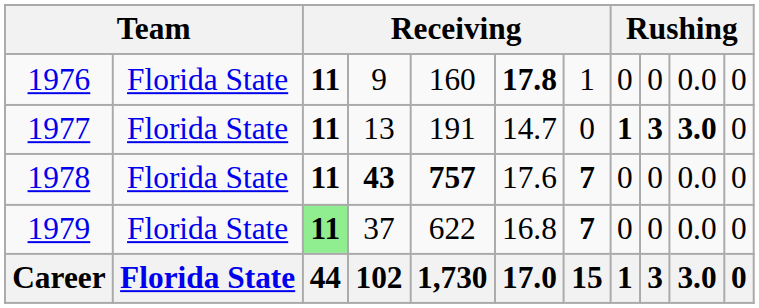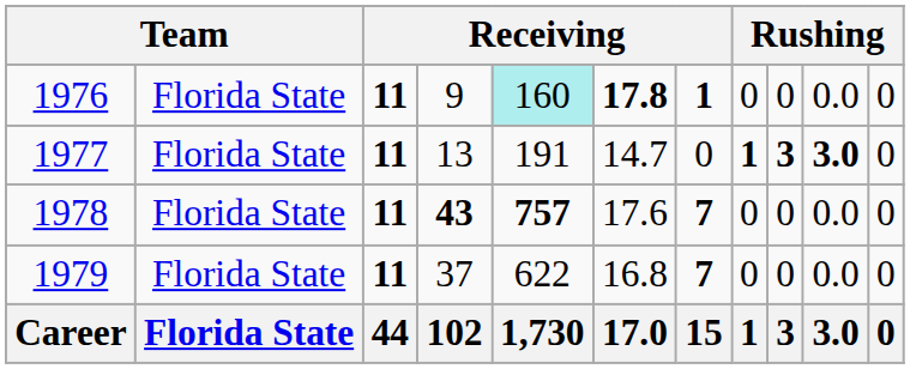 <table class="wikitable" style="text-align:center;">
 <tr>
 </tr>
 <tr>
 <th colspan=2>Team</th>
 <th colspan=5>Receiving</th>
 <th colspan=5>Rushing</th>
 </tr>
 <tr>
 <td><a href='#'>1976</a></td>
 <td><a href='#'>Florida State</a></td>
 <td><strong>11</strong></td>
 <td>9</td>
-<td>160</td>
+<td style="background: paleturquoise;">160</td>
 <td><strong>17.8</strong></td>
-<td>1</td>
+<td><strong>1</strong></td>
 <td>0</td>
 <td>0</td>
 <td>0.0</td>
 <td>0</td>
 </tr>
 <tr>
 <td><a href='#'>1977</a></td>
 <td><a href='#'>Florida State</a></td>
 <td><strong>11</strong></td>
 <td>13</td>
 <td>191</td>
 <td>14.7</td>
 <td>0</td>
 <td><strong>1</strong></td>
 <td><strong>3</strong></td>
 <td><strong>3.0</strong></td>
 <td>0</td>
 </tr>
 <tr>
 <td><a href='#'>1978</a></td>
 <td><a href='#'>Florida State</a></td>
 <td><strong>11</strong></td>
 <td><strong>43</strong></td>
 <td><strong>757</strong></td>
 <td>17.6</td>
 <td><strong>7</strong></td>
 <td>0</td>
 <td>0</td>
 <td>0.0</td>
 <td>0</td>
 </tr>
 <tr>
 <td><a href='#'>1979</a></td>
 <td><a href='#'>Florida State</a></td>
-<td style="background: lightgreen;"><strong>11</strong></td>
+<td><strong>11</strong></td>
 <td>37</td>
 <td>622</td>
 <td>16.8</td>
 <td><strong>7</strong></td>
 <td>0</td>
 <td>0</td>
 <td>0.0</td>
 <td>0</td>
 </tr>
 <tr>
 <th>Career</th>
 <th><a href='#'>Florida State</a></th>
 <th>44</th>
 <th>102</th>
 <th>1,730</th>
 <th>17.0</th>
 <th>15</th>
 <th>1</th>
 <th>3</th>
 <th>3.0</th>
 <th>0</th>
 </tr>
 </table>
